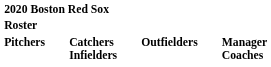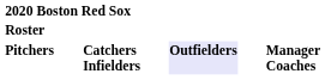 <table class="toccolours" style="text-align: left;">
 <tr>
 <th colspan="10">2020 Boston Red Sox</th>
 </tr>
 <tr>
 <td colspan="10"><strong>Roster</strong></td>
 </tr>
 <tr>
 <td valign="top"><strong>Pitchers</strong><br>                          </td>
 <td width="25px"></td>
 <td valign="top"><strong>Catchers</strong><br>    <strong>Infielders</strong>         </td>
 <td width="25px"></td>
-<td valign="top"><strong>Outfielders</strong><br>      </td>
+<td valign="top" style="background: lavender;"><strong>Outfielders</strong><br>      </td>
 <td width="25px"></td>
 <td valign="top"><strong>Manager</strong><br>  <strong>Coaches</strong>                   </td>
 </tr>
 </table>
